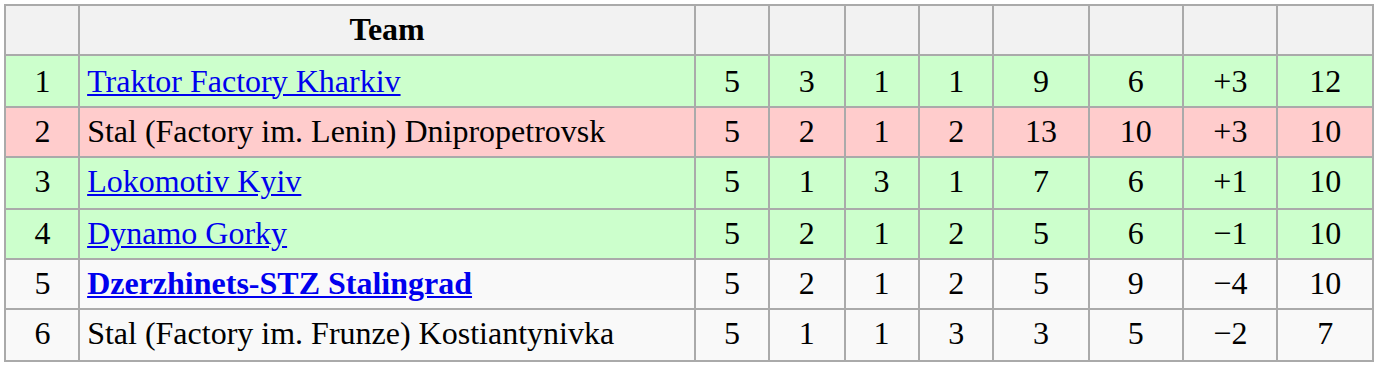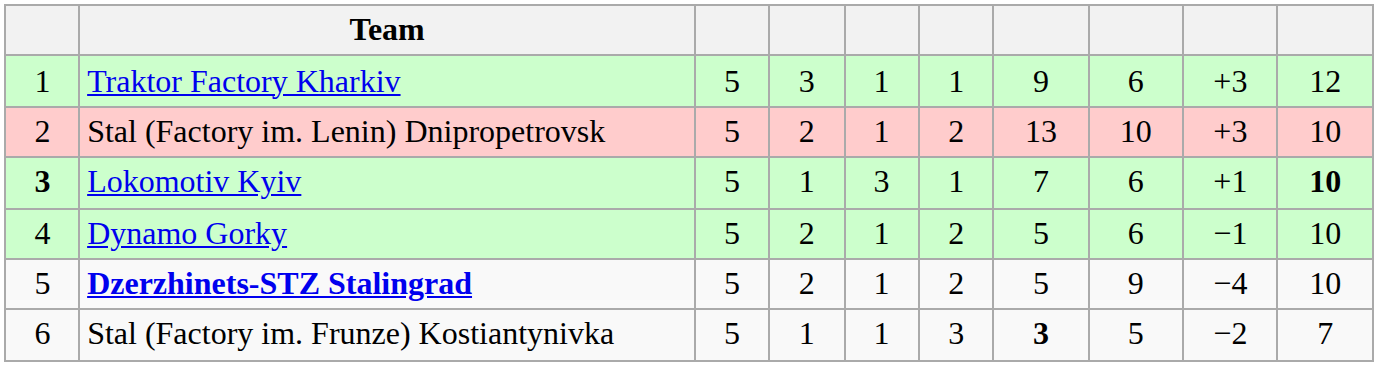 <table class="wikitable" style="text-align:center">
 <tr>
 <th width=30></th>
 <th width=300>Team</th>
 <th width=30></th>
 <th width=30></th>
 <th width=30></th>
 <th width=30></th>
 <th width=40></th>
 <th width=40></th>
 <th width=40></th>
 <th width=40></th>
 </tr>
 <tr bgcolor=CCFFCC>
 <td>1</td>
 <td align="left"><a href='#'>Traktor Factory Kharkiv</a></td>
 <td>5</td>
 <td>3</td>
 <td>1</td>
 <td>1</td>
 <td>9</td>
 <td>6</td>
 <td>+3</td>
 <td>12</td>
 </tr>
 <tr bgcolor=FFCCCC>
 <td>2</td>
 <td align="left">Stal (Factory im. Lenin) Dnipropetrovsk</td>
 <td>5</td>
 <td>2</td>
 <td>1</td>
 <td>2</td>
 <td>13</td>
 <td>10</td>
 <td>+3</td>
 <td>10</td>
 </tr>
 <tr bgcolor=CCFFCC>
-<td>3</td>
+<td><strong>3</strong></td>
 <td align="left"><a href='#'>Lokomotiv Kyiv</a></td>
 <td>5</td>
 <td>1</td>
 <td>3</td>
 <td>1</td>
 <td>7</td>
 <td>6</td>
 <td>+1</td>
-<td>10</td>
+<td><strong>10</strong></td>
 </tr>
 <tr bgcolor=CCFFCC>
 <td>4</td>
 <td align="left"><a href='#'>Dynamo Gorky</a></td>
 <td>5</td>
 <td>2</td>
 <td>1</td>
 <td>2</td>
 <td>5</td>
 <td>6</td>
 <td>−1</td>
 <td>10</td>
 </tr>
 <tr>
 <td>5</td>
 <td align="left"><strong><a href='#'>Dzerzhinets-STZ Stalingrad</a></strong></td>
 <td>5</td>
 <td>2</td>
 <td>1</td>
 <td>2</td>
 <td>5</td>
 <td>9</td>
 <td>−4</td>
 <td>10</td>
 </tr>
 <tr>
 <td>6</td>
 <td align="left">Stal (Factory im. Frunze) Kostiantynivka</td>
 <td>5</td>
 <td>1</td>
 <td>1</td>
 <td>3</td>
-<td>3</td>
+<td><strong>3</strong></td>
 <td>5</td>
 <td>−2</td>
 <td>7</td>
 </tr>
 </table>
